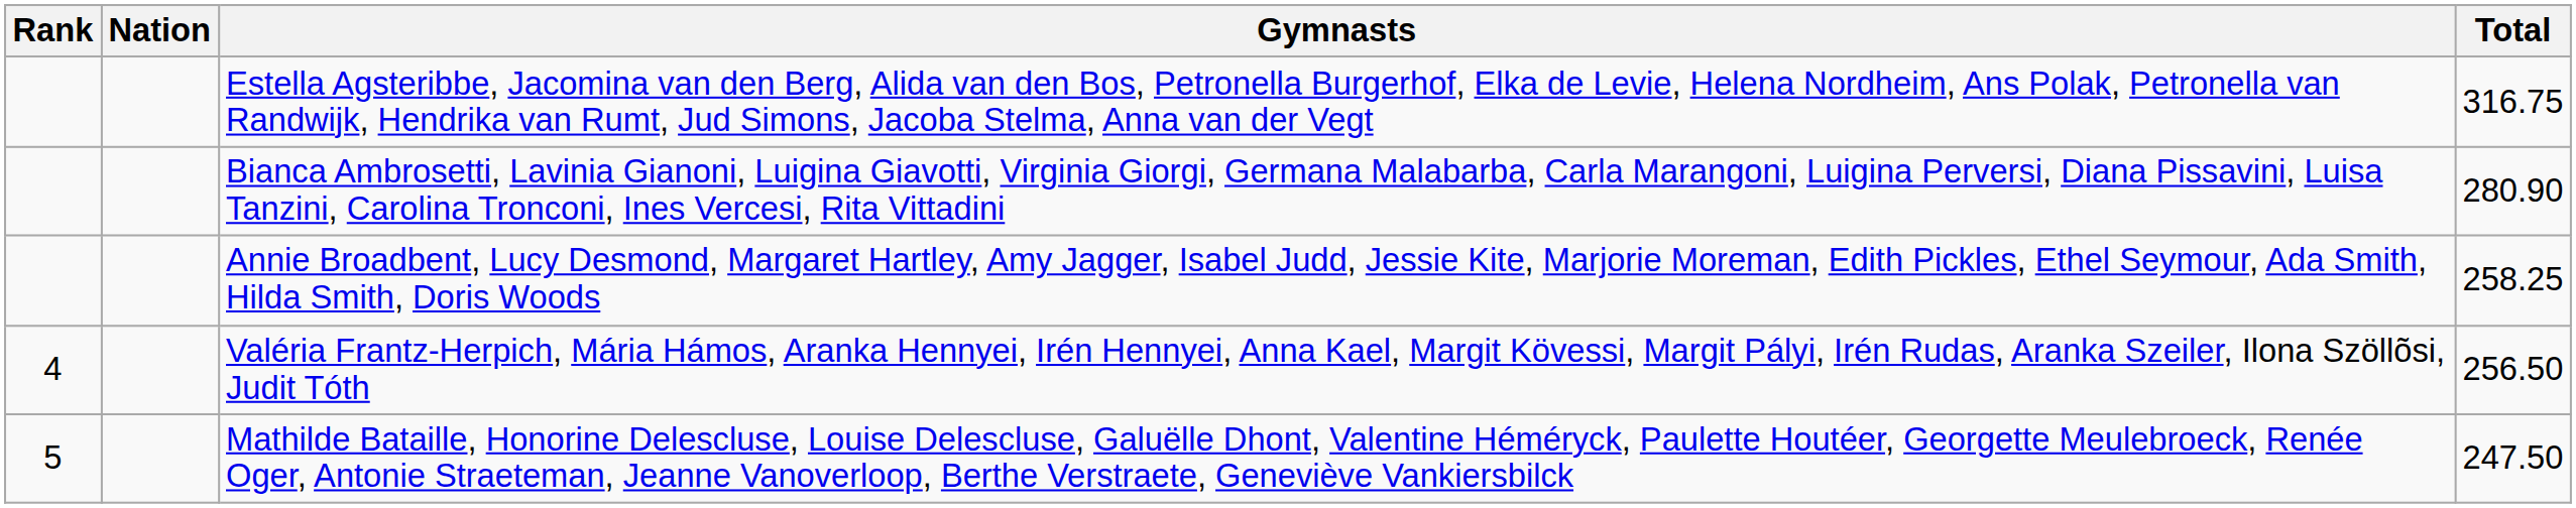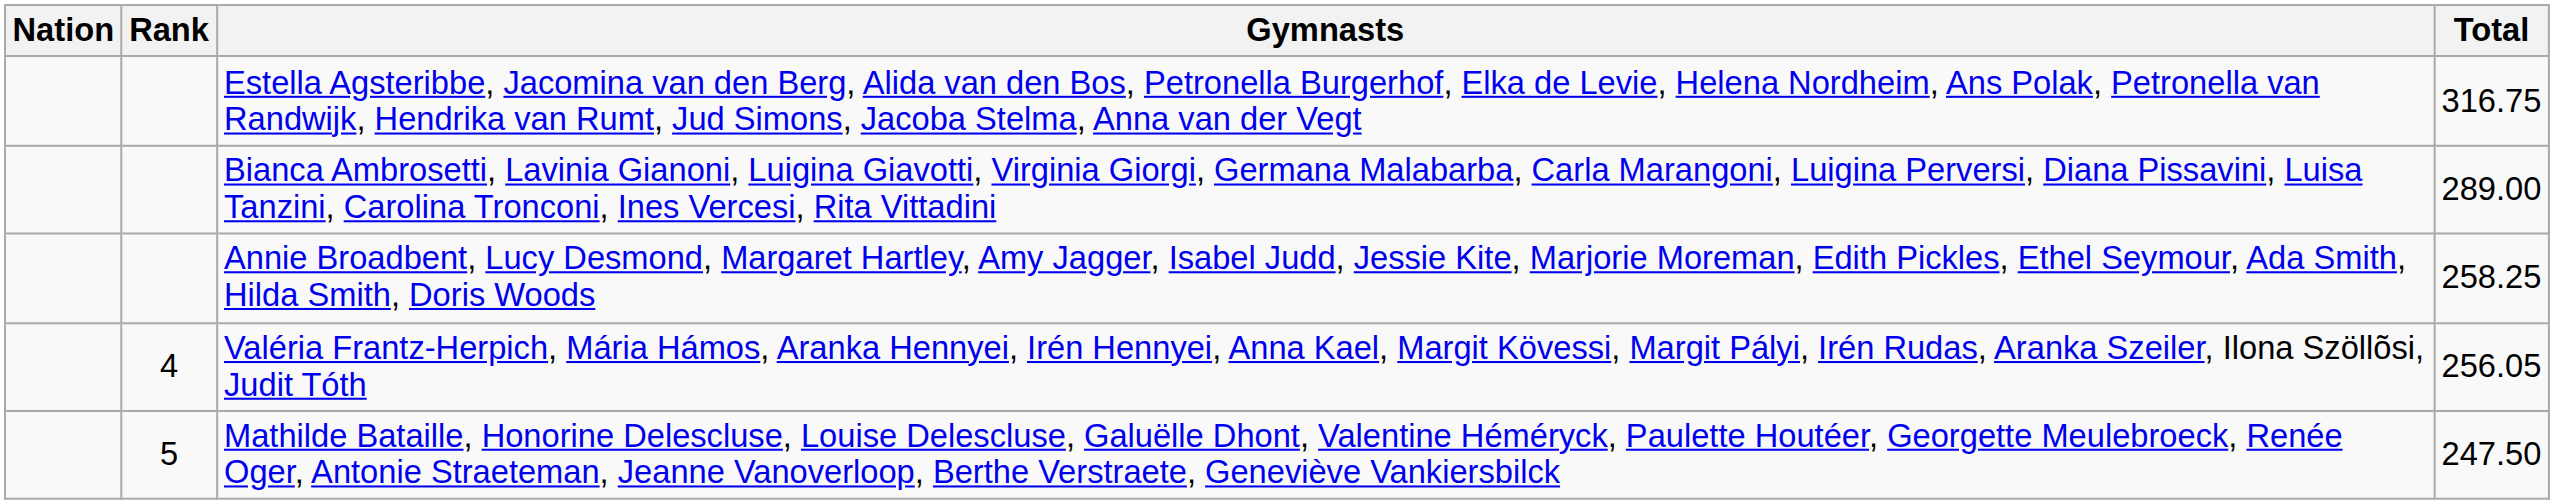 <table class="wikitable sortable" style="text-align:center">
 <tr>
+<th>Nation</th>
 <th>Rank</th>
-<th>Nation</th>
 <th>Gymnasts</th>
 <th>Total</th>
 </tr>
 <tr>
+<td align=left></td>
 <td></td>
-<td align=left></td>
 <td align=left><a href='#'>Estella Agsteribbe</a>, <a href='#'>Jacomina van den Berg</a>, <a href='#'>Alida van den Bos</a>, <a href='#'>Petronella Burgerhof</a>, <a href='#'>Elka de Levie</a>, <a href='#'>Helena Nordheim</a>, <a href='#'>Ans Polak</a>, <a href='#'>Petronella van Randwijk</a>, <a href='#'>Hendrika van Rumt</a>, <a href='#'>Jud Simons</a>, <a href='#'>Jacoba Stelma</a>, <a href='#'>Anna van der Vegt</a></td>
 <td>316.75</td>
 </tr>
 <tr>
+<td align=left></td>
 <td></td>
-<td align=left></td>
 <td align=left><a href='#'>Bianca Ambrosetti</a>, <a href='#'>Lavinia Gianoni</a>, <a href='#'>Luigina Giavotti</a>, <a href='#'>Virginia Giorgi</a>, <a href='#'>Germana Malabarba</a>, <a href='#'>Carla Marangoni</a>, <a href='#'>Luigina Perversi</a>, <a href='#'>Diana Pissavini</a>, <a href='#'>Luisa Tanzini</a>, <a href='#'>Carolina Tronconi</a>, <a href='#'>Ines Vercesi</a>, <a href='#'>Rita Vittadini</a></td>
-<td>280.90</td>
+<td>289.00</td>
 </tr>
 <tr>
+<td align=left></td>
 <td></td>
-<td align=left></td>
 <td align=left><a href='#'>Annie Broadbent</a>, <a href='#'>Lucy Desmond</a>, <a href='#'>Margaret Hartley</a>, <a href='#'>Amy Jagger</a>, <a href='#'>Isabel Judd</a>, <a href='#'>Jessie Kite</a>, <a href='#'>Marjorie Moreman</a>, <a href='#'>Edith Pickles</a>, <a href='#'>Ethel Seymour</a>, <a href='#'>Ada Smith</a>, <a href='#'>Hilda Smith</a>, <a href='#'>Doris Woods</a></td>
 <td>258.25</td>
 </tr>
 <tr>
+<td align=left></td>
 <td>4</td>
-<td align=left></td>
 <td align=left><a href='#'>Valéria Frantz-Herpich</a>, <a href='#'>Mária Hámos</a>, <a href='#'>Aranka Hennyei</a>, <a href='#'>Irén Hennyei</a>, <a href='#'>Anna Kael</a>, <a href='#'>Margit Kövessi</a>, <a href='#'>Margit Pályi</a>, <a href='#'>Irén Rudas</a>, <a href='#'>Aranka Szeiler</a>, Ilona Szöllõsi, <a href='#'>Judit Tóth</a></td>
-<td>256.50</td>
+<td>256.05</td>
 </tr>
 <tr>
+<td align=left></td>
 <td>5</td>
-<td align=left></td>
 <td align=left><a href='#'>Mathilde Bataille</a>, <a href='#'>Honorine Delescluse</a>, <a href='#'>Louise Delescluse</a>, <a href='#'>Galuëlle Dhont</a>, <a href='#'>Valentine Héméryck</a>, <a href='#'>Paulette Houtéer</a>, <a href='#'>Georgette Meulebroeck</a>, <a href='#'>Renée Oger</a>, <a href='#'>Antonie Straeteman</a>, <a href='#'>Jeanne Vanoverloop</a>, <a href='#'>Berthe Verstraete</a>, <a href='#'>Geneviève Vankiersbilck</a></td>
 <td>247.50</td>
 </tr>
 </table>
